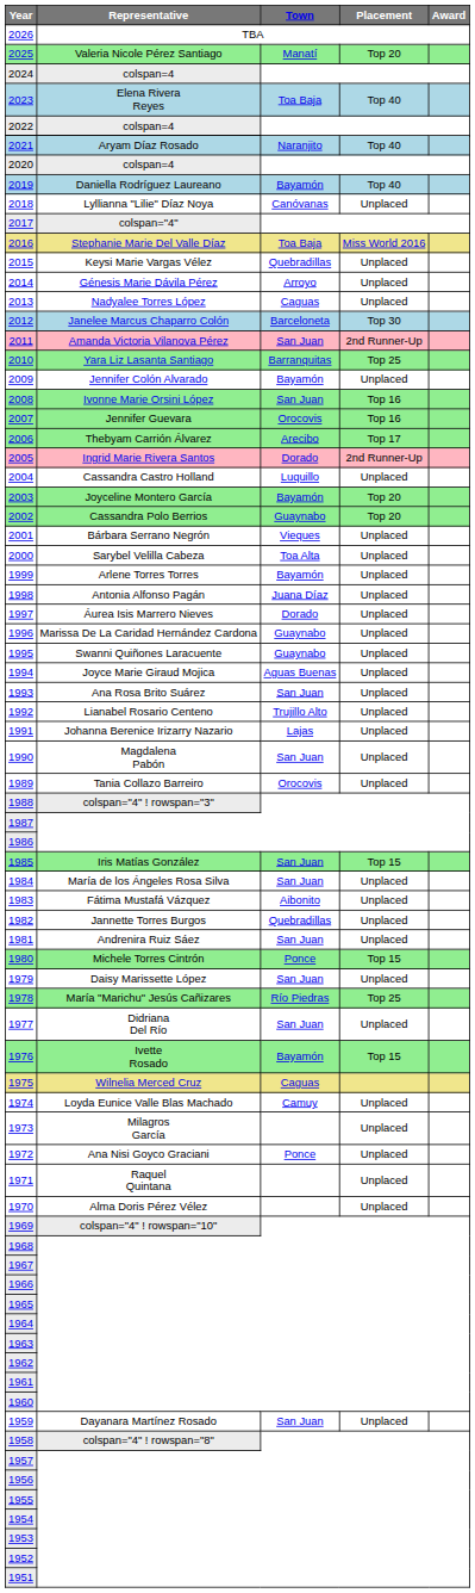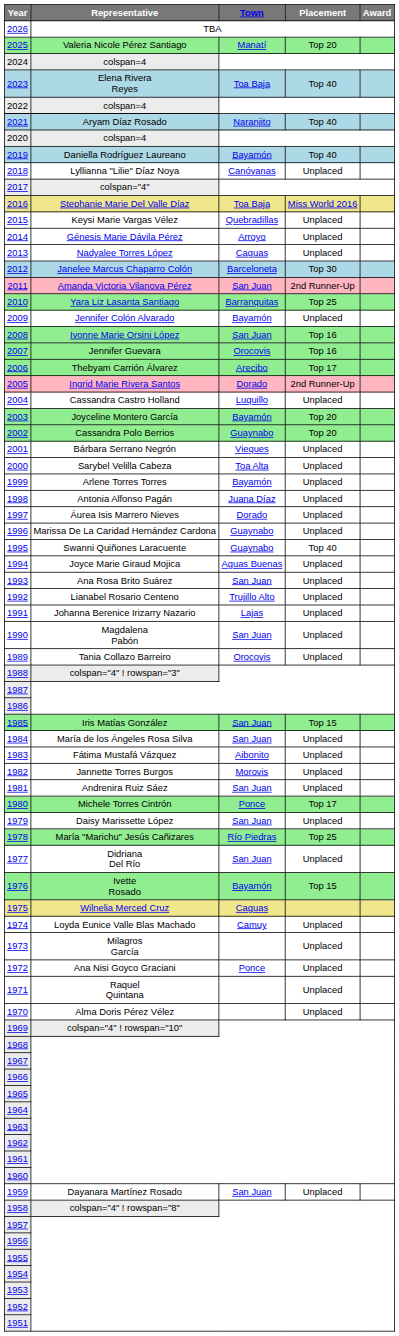 <table class="sortable wiki table" border="3" cellpadding="3" cellspacing="0" style="margin: 0 1em 0 0; background: white; border: 1px #000000 solid; border-collapse: collapse; font-size: 75%; text-align:center">
 <tr>
 <th style="background-color:#787878;color:#FFFFFF;">Year</th>
 <th style="background-color:#787878;color:#FFFFFF;">Representative</th>
 <th style="background-color:#787878;color:#FFFFFF;"><a href='#'>Town</a></th>
 <th style="background-color:#787878;color:#FFFFFF;">Placement</th>
 <th style="background-color:#787878;color:#FFFFFF;">Award</th>
 </tr>
 <tr>
 <td><a href='#'>2026</a></td>
 <td colspan=4>TBA</td>
 </tr>
 <tr>
 <td style="background-color:#90EE90;"><a href='#'>2025</a></td>
 <td style="background-color:#90EE90;">Valeria Nicole Pérez Santiago</td>
 <td style="background-color:#90EE90;"><a href='#'>Manatí</a></td>
 <td style="background-color:#90EE90;">Top 20</td>
 <td style="background-color:#90EE90;"></td>
 </tr>
 <tr style="background-color:#ececec;">
 <td>2024</td>
 <td>colspan=4 </td>
 </tr>
 <tr>
 <td style="background-color:#ADD8E6;"><a href='#'>2023</a></td>
 <td style="background-color:#ADD8E6;">Elena Rivera <br>Reyes</td>
 <td style="background-color:#ADD8E6;"><a href='#'>Toa Baja</a></td>
 <td style="background-color:#ADD8E6;">Top 40</td>
 <td style="background-color:#ADD8E6;"></td>
 </tr>
 <tr style="background-color:#ececec;">
 <td>2022</td>
 <td>colspan=4 </td>
 </tr>
 <tr>
 </tr>
 <tr style="background-color:#ADD8E6;">
 <td><a href='#'>2021</a></td>
 <td>Aryam Díaz Rosado</td>
 <td style="background-color:#ADD8E6;"><a href='#'>Naranjito</a></td>
 <td>Top 40</td>
 <td></td>
 </tr>
 <tr style="background-color:#ececec;">
 <td>2020</td>
 <td>colspan=4 </td>
 </tr>
 <tr>
 <td style="background-color:#ADD8E6;"><a href='#'>2019</a></td>
 <td style="background-color:#ADD8E6;">Daniella Rodríguez Laureano</td>
 <td style="background-color:#ADD8E6;"><a href='#'>Bayamón</a></td>
 <td style="background-color:#ADD8E6;">Top 40</td>
 <td style="background-color:#ADD8E6;"></td>
 </tr>
 <tr>
 <td><a href='#'>2018</a></td>
 <td>Lyllianna "Lilie" Díaz Noya</td>
 <td><a href='#'>Canóvanas</a></td>
 <td>Unplaced</td>
 <td></td>
 </tr>
 <tr style="background-color:#ececec;">
 <td><a href='#'>2017</a></td>
 <td>colspan="4"  </td>
 </tr>
 <tr>
 <td style="background-color:#F0E68C;"><a href='#'>2016</a></td>
 <td style="background-color:#F0E68C;"><a href='#'>Stephanie Marie Del Valle Díaz</a></td>
 <td style="background-color:#F0E68C;"><a href='#'>Toa Baja</a></td>
 <td style="background-color:#F0E68C;"><a href='#'>Miss World 2016</a></td>
 <td style="background-color:#F0E68C;"></td>
 </tr>
 <tr>
 <td><a href='#'>2015</a></td>
 <td>Keysi Marie Vargas Vélez</td>
 <td><a href='#'>Quebradillas</a></td>
 <td>Unplaced</td>
 <td></td>
 </tr>
 <tr>
 <td><a href='#'>2014</a></td>
 <td><a href='#'>Génesis Marie Dávila Pérez</a></td>
 <td><a href='#'>Arroyo</a></td>
 <td>Unplaced</td>
 <td></td>
 </tr>
 <tr>
 <td><a href='#'>2013</a></td>
 <td><a href='#'> Nadyalee Torres López</a></td>
 <td><a href='#'>Caguas</a></td>
 <td>Unplaced</td>
 <td></td>
 </tr>
 <tr>
 <td style="background-color:#ADD8E6;"><a href='#'>2012</a></td>
 <td style="background-color:#ADD8E6;"><a href='#'>Janelee Marcus Chaparro Colón</a></td>
 <td style="background-color:#ADD8E6;"><a href='#'>Barceloneta</a></td>
 <td style="background-color:#ADD8E6;">Top 30</td>
 <td style="background-color:#ADD8E6;"></td>
 </tr>
 <tr>
 <td style="background-color:#FFB6C1;"><a href='#'>2011</a></td>
 <td style="background-color:#FFB6C1;"><a href='#'>Amanda Victoria Vilanova Pérez</a></td>
 <td style="background-color:#FFB6C1;"><a href='#'>San Juan</a></td>
 <td style="background-color:#FFB6C1;">2nd Runner-Up</td>
 <td style="background-color:#FFB6C1;"></td>
 </tr>
 <tr>
 <td style="background-color:#90EE90;"><a href='#'>2010</a></td>
 <td style="background-color:#90EE90;"><a href='#'>Yara Liz Lasanta Santiago</a></td>
 <td style="background-color:#90EE90;"><a href='#'>Barranquitas</a></td>
 <td style="background-color:#90EE90;">Top 25</td>
 <td style="background-color:#90EE90;"></td>
 </tr>
 <tr>
 <td><a href='#'>2009</a></td>
 <td><a href='#'>Jennifer Colón Alvarado</a></td>
 <td><a href='#'>Bayamón</a></td>
 <td>Unplaced</td>
 <td></td>
 </tr>
 <tr>
 <td style="background-color:#90EE90;"><a href='#'>2008</a></td>
 <td style="background-color:#90EE90;"><a href='#'>Ivonne Marie Orsini López</a></td>
 <td style="background-color:#90EE90;"><a href='#'>San Juan</a></td>
 <td style="background-color:#90EE90;">Top 16</td>
 <td style="background-color:#90EE90;"></td>
 </tr>
 <tr>
 <td style="background-color:#90EE90;"><a href='#'>2007</a></td>
 <td style="background-color:#90EE90;">Jennifer Guevara</td>
 <td style="background-color:#90EE90;"><a href='#'>Orocovis</a></td>
 <td style="background-color:#90EE90;">Top 16</td>
 <td style="background-color:#90EE90;"></td>
 </tr>
 <tr>
 <td style="background-color:#90EE90;"><a href='#'>2006</a></td>
 <td style="background-color:#90EE90;">Thebyam Carrión Álvarez</td>
 <td style="background-color:#90EE90;"><a href='#'>Arecibo</a></td>
 <td style="background-color:#90EE90;">Top 17</td>
 <td style="background-color:#90EE90;"></td>
 </tr>
 <tr>
 <td style="background-color:#FFB6C1;"><a href='#'>2005</a></td>
 <td style="background-color:#FFB6C1;"><a href='#'>Ingrid Marie Rivera Santos</a></td>
 <td style="background-color:#FFB6C1;"><a href='#'>Dorado</a></td>
 <td style="background-color:#FFB6C1;">2nd Runner-Up</td>
 <td style="background-color:#FFB6C1;"></td>
 </tr>
 <tr>
 <td><a href='#'>2004</a></td>
 <td>Cassandra Castro Holland</td>
 <td><a href='#'>Luquillo</a></td>
 <td>Unplaced</td>
 <td></td>
 </tr>
 <tr>
 <td style="background-color:#90EE90;"><a href='#'>2003</a></td>
 <td style="background-color:#90EE90;">Joyceline Montero García</td>
 <td style="background-color:#90EE90;"><a href='#'>Bayamón</a></td>
 <td style="background-color:#90EE90;">Top 20</td>
 <td style="background-color:#90EE90;"></td>
 </tr>
 <tr>
 <td style="background-color:#90EE90;"><a href='#'>2002</a></td>
 <td style="background-color:#90EE90;">Cassandra Polo Berrios</td>
 <td style="background-color:#90EE90;"><a href='#'>Guaynabo</a></td>
 <td style="background-color:#90EE90;">Top 20</td>
 <td style="background-color:#90EE90;"></td>
 </tr>
 <tr>
 <td><a href='#'>2001</a></td>
 <td>Bárbara Serrano Negrón</td>
 <td><a href='#'>Vieques</a></td>
 <td>Unplaced</td>
 <td></td>
 </tr>
 <tr>
 <td><a href='#'>2000</a></td>
 <td>Sarybel Velilla Cabeza</td>
 <td><a href='#'>Toa Alta</a></td>
 <td>Unplaced</td>
 <td></td>
 </tr>
 <tr>
 <td><a href='#'>1999</a></td>
 <td>Arlene Torres Torres</td>
 <td><a href='#'>Bayamón</a></td>
 <td>Unplaced</td>
 <td></td>
 </tr>
 <tr>
 <td><a href='#'>1998</a></td>
 <td>Antonia Alfonso Pagán</td>
 <td><a href='#'>Juana Díaz</a></td>
 <td>Unplaced</td>
 <td></td>
 </tr>
 <tr>
 <td><a href='#'>1997</a></td>
 <td>Áurea Isis Marrero Nieves</td>
 <td><a href='#'>Dorado</a></td>
 <td>Unplaced</td>
 <td></td>
 </tr>
 <tr>
 <td><a href='#'>1996</a></td>
 <td>Marissa De La Caridad Hernández Cardona</td>
 <td><a href='#'>Guaynabo</a></td>
 <td>Unplaced</td>
 <td></td>
 </tr>
 <tr>
 <td><a href='#'>1995</a></td>
 <td>Swanni Quiñones Laracuente</td>
 <td><a href='#'>Guaynabo</a></td>
-<td>Unplaced</td>
+<td>Top 40</td>
 <td></td>
 </tr>
 <tr>
 <td><a href='#'>1994</a></td>
 <td>Joyce Marie Giraud Mojica</td>
 <td><a href='#'>Aguas Buenas</a></td>
 <td>Unplaced</td>
 <td></td>
 </tr>
 <tr>
 <td><a href='#'>1993</a></td>
 <td>Ana Rosa Brito Suárez</td>
 <td><a href='#'>San Juan</a></td>
 <td>Unplaced</td>
 <td></td>
 </tr>
 <tr>
 <td><a href='#'>1992</a></td>
 <td>Lianabel Rosario Centeno</td>
 <td><a href='#'>Trujillo Alto</a></td>
 <td>Unplaced</td>
 <td></td>
 </tr>
 <tr>
 <td><a href='#'>1991</a></td>
 <td>Johanna Berenice Irizarry Nazario</td>
 <td><a href='#'>Lajas</a></td>
 <td>Unplaced</td>
 <td></td>
 </tr>
 <tr>
 <td><a href='#'>1990</a></td>
 <td>Magdalena <br>Pabón</td>
 <td><a href='#'>San Juan</a></td>
 <td>Unplaced</td>
 <td></td>
 </tr>
 <tr>
 <td><a href='#'>1989</a></td>
 <td>Tania Collazo Barreiro</td>
 <td><a href='#'>Orocovis</a></td>
 <td>Unplaced</td>
 <td></td>
 </tr>
 <tr style="background-color:#ececec;">
 <td><a href='#'>1988</a></td>
 <td>colspan="4" ! rowspan="3" </td>
 </tr>
 <tr style="background-color:#ececec;">
 <td><a href='#'>1987</a></td>
 </tr>
 <tr style="background-color:#ececec;">
 <td><a href='#'>1986</a></td>
 </tr>
 <tr style="background-color:#ececec;">
 <td style="background-color:#90EE90;"><a href='#'>1985</a></td>
 <td style="background-color:#90EE90;">Iris Matías González</td>
 <td style="background-color:#90EE90;"><a href='#'>San Juan</a></td>
 <td style="background-color:#90EE90;">Top 15</td>
 <td style="background-color:#90EE90;"></td>
 </tr>
 <tr>
 <td><a href='#'>1984</a></td>
 <td>María de los Ángeles Rosa Silva</td>
 <td><a href='#'>San Juan</a></td>
 <td>Unplaced</td>
 <td></td>
 </tr>
 <tr>
 <td><a href='#'>1983</a></td>
 <td>Fátima Mustafá Vázquez</td>
 <td><a href='#'>Aibonito</a></td>
 <td>Unplaced</td>
 <td></td>
 </tr>
 <tr>
 <td><a href='#'>1982</a></td>
 <td>Jannette Torres Burgos</td>
-<td><a href='#'>Quebradillas</a></td>
+<td><a href='#'>Morovis</a></td>
 <td>Unplaced</td>
 <td></td>
 </tr>
 <tr>
 <td><a href='#'>1981</a></td>
 <td>Andrenira Ruiz Sáez</td>
 <td><a href='#'>San Juan</a></td>
 <td>Unplaced</td>
 <td></td>
 </tr>
 <tr>
 <td style="background-color:#90EE90;"><a href='#'>1980</a></td>
 <td style="background-color:#90EE90;">Michele Torres Cintrón</td>
 <td style="background-color:#90EE90;"><a href='#'>Ponce</a></td>
-<td style="background-color:#90EE90;">Top 15</td>
+<td style="background-color:#90EE90;">Top 17</td>
 <td style="background-color:#90EE90;"></td>
 </tr>
 <tr>
 <td><a href='#'>1979</a></td>
 <td>Daisy Marissette López</td>
 <td><a href='#'>San Juan</a></td>
 <td>Unplaced</td>
 <td></td>
 </tr>
 <tr>
 <td style="background-color:#90EE90;"><a href='#'>1978</a></td>
 <td style="background-color:#90EE90;">María "Marichu" Jesús Cañizares</td>
 <td style="background-color:#90EE90;"><a href='#'>Río Piedras</a></td>
 <td style="background-color:#90EE90;">Top 25</td>
 <td style="background-color:#90EE90;"></td>
 </tr>
 <tr>
 <td><a href='#'>1977</a></td>
 <td>Didriana <br>Del Río</td>
 <td><a href='#'>San Juan</a></td>
 <td>Unplaced</td>
 <td></td>
 </tr>
 <tr>
 <td style="background-color:#90EE90;"><a href='#'>1976</a></td>
 <td style="background-color:#90EE90;">Ivette <br>Rosado</td>
 <td style="background-color:#90EE90;"><a href='#'>Bayamón</a></td>
 <td style="background-color:#90EE90;">Top 15</td>
 <td style="background-color:#90EE90;"></td>
 </tr>
 <tr>
 <td style="background-color:#F0E68C;"><a href='#'>1975</a></td>
 <td style="background-color:#F0E68C;"><a href='#'>Wilnelia Merced Cruz</a></td>
 <td style="background-color:#F0E68C;"><a href='#'>Caguas</a></td>
 <td style="background-color:#F0E68C;"></td>
 <td style="background-color:#F0E68C;"></td>
 </tr>
 <tr>
 <td><a href='#'>1974</a></td>
 <td>Loyda Eunice Valle Blas Machado</td>
 <td><a href='#'>Camuy</a></td>
 <td>Unplaced</td>
 <td></td>
 </tr>
 <tr>
 <td><a href='#'>1973</a></td>
 <td>Milagros <br>García</td>
 <td></td>
 <td>Unplaced</td>
 <td></td>
 </tr>
 <tr>
 <td><a href='#'>1972</a></td>
 <td>Ana Nisi Goyco Graciani</td>
 <td><a href='#'>Ponce</a></td>
 <td>Unplaced</td>
 <td></td>
 </tr>
 <tr>
 <td><a href='#'>1971</a></td>
 <td>Raquel <br>Quintana</td>
 <td></td>
 <td>Unplaced</td>
 <td></td>
 </tr>
 <tr>
 <td><a href='#'>1970</a></td>
 <td>Alma Doris Pérez Vélez</td>
 <td></td>
 <td>Unplaced</td>
 <td></td>
 </tr>
 <tr style="background-color:#ececec;">
 <td><a href='#'>1969</a></td>
 <td>colspan="4" ! rowspan="10" </td>
 </tr>
 <tr style="background-color:#ececec;">
 <td><a href='#'>1968</a></td>
 </tr>
 <tr style="background-color:#ececec;">
 <td><a href='#'>1967</a></td>
 </tr>
 <tr style="background-color:#ececec;">
 <td><a href='#'>1966</a></td>
 </tr>
 <tr style="background-color:#ececec;">
 <td><a href='#'>1965</a></td>
 </tr>
 <tr style="background-color:#ececec;">
 <td><a href='#'>1964</a></td>
 </tr>
 <tr style="background-color:#ececec;">
 <td><a href='#'>1963</a></td>
 </tr>
 <tr style="background-color:#ececec;">
 <td><a href='#'>1962</a></td>
 </tr>
 <tr style="background-color:#ececec;">
 <td><a href='#'>1961</a></td>
 </tr>
 <tr style="background-color:#ececec;">
 <td><a href='#'>1960</a></td>
 </tr>
 <tr>
 <td><a href='#'>1959</a></td>
 <td>Dayanara Martínez Rosado</td>
 <td><a href='#'>San Juan</a></td>
 <td>Unplaced</td>
 <td></td>
 </tr>
 <tr style="background-color:#ececec;">
 <td><a href='#'>1958</a></td>
 <td>colspan="4" ! rowspan="8" </td>
 </tr>
 <tr style="background-color:#ececec;">
 <td><a href='#'>1957</a></td>
 </tr>
 <tr style="background-color:#ececec;">
 <td><a href='#'>1956</a></td>
 </tr>
 <tr style="background-color:#ececec;">
 <td><a href='#'>1955</a></td>
 </tr>
 <tr style="background-color:#ececec;">
 <td><a href='#'>1954</a></td>
 </tr>
 <tr style="background-color:#ececec;">
 <td><a href='#'>1953</a></td>
 </tr>
 <tr style="background-color:#ececec;">
 <td><a href='#'>1952</a></td>
 </tr>
 <tr style="background-color:#ececec;">
 <td><a href='#'>1951</a></td>
 </tr>
 </table>
